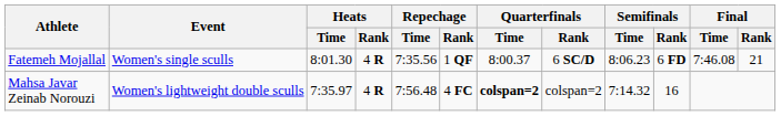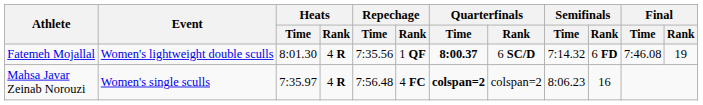 <table class=wikitable style=font-size:90%;text-align:center>
 <tr>
 <th rowspan=2>Athlete</th>
 <th rowspan=2>Event</th>
 <th colspan=2>Heats</th>
 <th colspan=2>Repechage</th>
 <th colspan=2>Quarterfinals</th>
 <th colspan=2>Semifinals</th>
 <th colspan=2>Final</th>
 </tr>
 <tr style=font-size:95%>
 <th>Time</th>
 <th>Rank</th>
 <th>Time</th>
 <th>Rank</th>
 <th>Time</th>
 <th>Rank</th>
 <th>Time</th>
 <th>Rank</th>
 <th>Time</th>
 <th>Rank</th>
 </tr>
 <tr>
 <td align=left><a href='#'>Fatemeh Mojallal</a></td>
-<td align=left><a href='#'>Women's single sculls</a></td>
+<td align=left><a href='#'>Women's lightweight double sculls</a></td>
 <td>8:01.30</td>
 <td>4 <strong>R</strong></td>
 <td>7:35.56</td>
 <td>1 <strong>QF</strong></td>
-<td>8:00.37</td>
+<td><strong>8:00.37</strong></td>
 <td>6 <strong>SC/D</strong></td>
-<td>8:06.23</td>
+<td>7:14.32</td>
 <td>6 <strong>FD</strong></td>
 <td>7:46.08</td>
-<td>21</td>
+<td>19</td>
 </tr>
 <tr>
 <td align=left><a href='#'>Mahsa Javar</a><br>Zeinab Norouzi</td>
-<td align=left><a href='#'>Women's lightweight double sculls</a></td>
+<td align=left><a href='#'>Women's single sculls</a></td>
 <td>7:35.97</td>
 <td>4 <strong>R</strong></td>
 <td>7:56.48</td>
 <td>4 <strong>FC</strong></td>
 <td><strong>colspan=2 </strong></td>
 <td>colspan=2 </td>
-<td>7:14.32</td>
+<td>8:06.23</td>
 <td>16</td>
 </tr>
 </table>
